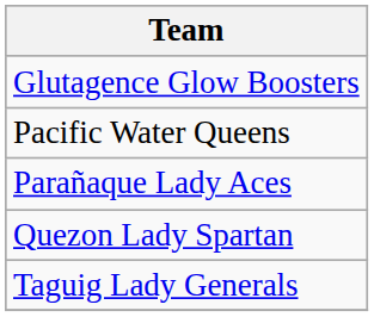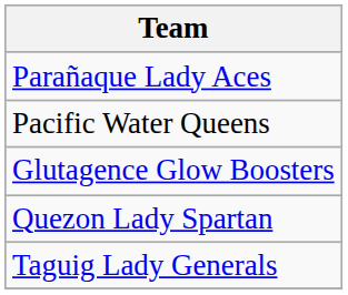 <table class="wikitable">
 <tr>
 <th>Team</th>
 </tr>
 <tr>
-<td><a href='#'>Glutagence Glow Boosters</a></td>
+<td><a href='#'>Parañaque Lady Aces</a></td>
 </tr>
 <tr>
 <td>Pacific Water Queens</td>
 </tr>
 <tr>
-<td><a href='#'>Parañaque Lady Aces</a></td>
+<td><a href='#'>Glutagence Glow Boosters</a></td>
 </tr>
 <tr>
 <td><a href='#'>Quezon Lady Spartan</a></td>
 </tr>
 <tr>
 <td><a href='#'>Taguig Lady Generals</a></td>
 </tr>
 <tr>
 </tr>
 </table>
